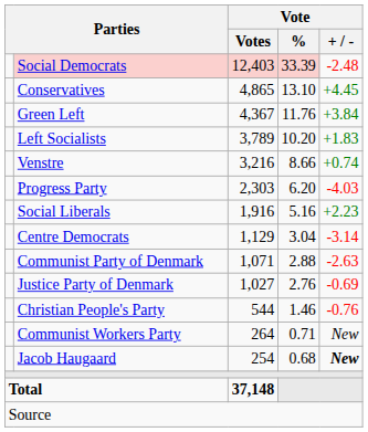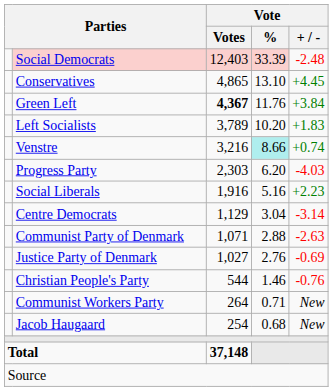 <table class="wikitable" style="text-align:right;">
 <tr>
 <th style="text-align:centre;" rowspan="2" colspan="2" width="225">Parties</th>
 <th colspan="3">Vote</th>
 </tr>
 <tr>
 <th width="15">Votes</th>
 <th width="15">%</th>
 <th width="15">+ / -</th>
 </tr>
 <tr>
 <td width="2" style="color:inherit;background:"></td>
 <td bgcolor=#fbd0ce  align="left"><a href='#'>Social Democrats</a></td>
 <td bgcolor=#fbd0ce>12,403</td>
 <td bgcolor=#fbd0ce>33.39</td>
 <td style=color:red;>-2.48</td>
 </tr>
 <tr>
 <td width="2" style="color:inherit;background:"></td>
 <td align="left"><a href='#'>Conservatives</a></td>
 <td>4,865</td>
 <td>13.10</td>
 <td style=color:green;>+4.45</td>
 </tr>
 <tr>
 <td width="2" style="color:inherit;background:"></td>
 <td align="left"><a href='#'>Green Left</a></td>
-<td>4,367</td>
+<td><strong>4,367</strong></td>
 <td>11.76</td>
 <td style=color:green;>+3.84</td>
 </tr>
 <tr>
 <td width="2" style="color:inherit;background:"></td>
 <td align="left"><a href='#'>Left Socialists</a></td>
 <td>3,789</td>
 <td>10.20</td>
 <td style=color:green;>+1.83</td>
 </tr>
 <tr>
 <td width="2" style="color:inherit;background:"></td>
 <td align="left"><a href='#'>Venstre</a></td>
 <td>3,216</td>
-<td>8.66</td>
+<td style="background: paleturquoise;">8.66</td>
 <td style=color:green;>+0.74</td>
 </tr>
 <tr>
 <td width="2" style="color:inherit;background:"></td>
 <td align="left"><a href='#'>Progress Party</a></td>
 <td>2,303</td>
 <td>6.20</td>
 <td style=color:red;>-4.03</td>
 </tr>
 <tr>
 <td width="2" style="color:inherit;background:"></td>
 <td align="left"><a href='#'>Social Liberals</a></td>
 <td>1,916</td>
 <td>5.16</td>
 <td style=color:green;>+2.23</td>
 </tr>
 <tr>
 <td width="2" style="color:inherit;background:"></td>
 <td align="left"><a href='#'>Centre Democrats</a></td>
 <td>1,129</td>
 <td>3.04</td>
 <td style=color:red;>-3.14</td>
 </tr>
 <tr>
 <td width="2" style="color:inherit;background:"></td>
 <td align="left"><a href='#'>Communist Party of Denmark</a></td>
 <td>1,071</td>
 <td>2.88</td>
 <td style=color:red;>-2.63</td>
 </tr>
 <tr>
 <td width="2" style="color:inherit;background:"></td>
 <td align="left"><a href='#'>Justice Party of Denmark</a></td>
 <td>1,027</td>
 <td>2.76</td>
 <td style=color:red;>-0.69</td>
 </tr>
 <tr>
 <td width="2" style="color:inherit;background:"></td>
 <td align="left"><a href='#'>Christian People's Party</a></td>
 <td>544</td>
 <td>1.46</td>
 <td style=color:red;>-0.76</td>
 </tr>
 <tr>
 <td width="2" style="color:inherit;background:"></td>
 <td align="left"><a href='#'>Communist Workers Party</a></td>
 <td>264</td>
 <td>0.71</td>
 <td><em>New</em></td>
 </tr>
 <tr>
 <td width="2" style="color:inherit;background:"></td>
 <td align="left"><a href='#'>Jacob Haugaard</a></td>
 <td>254</td>
 <td>0.68</td>
-<td><strong><em>New</em></strong></td>
+<td><em>New</em></td>
 </tr>
 <tr>
 <td colspan="7" bgcolor="#E9E9E9"></td>
 </tr>
 <tr>
 <td align="left" colspan="2"><strong>Total</strong></td>
 <td><strong>37,148</strong></td>
 <td bgcolor="#E9E9E9" colspan="2"></td>
 </tr>
 <tr>
 <td align="left" colspan="6">Source</td>
 </tr>
 </table>
